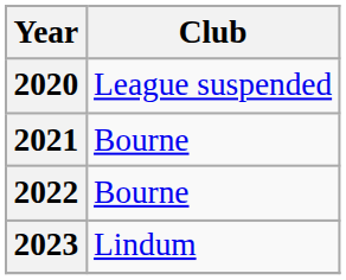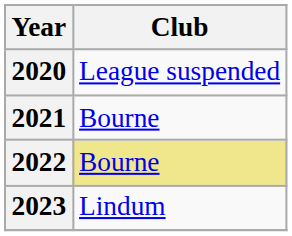 <table class="wikitable" style="font-size:85%">
 <tr>
 <th>Year</th>
 <th>Club</th>
 </tr>
 <tr>
 <th scope="row">2020</th>
 <td><a href='#'>League suspended</a></td>
 </tr>
 <tr>
 <th scope="row">2021</th>
 <td><a href='#'>Bourne</a></td>
 </tr>
 <tr>
 <th scope="row">2022</th>
-<td><a href='#'>Bourne</a></td>
+<td style="background: khaki;"><a href='#'>Bourne</a></td>
 </tr>
 <tr>
 <th scope="row">2023</th>
 <td><a href='#'>Lindum</a></td>
 </tr>
 <tr>
 </tr>
 </table>
